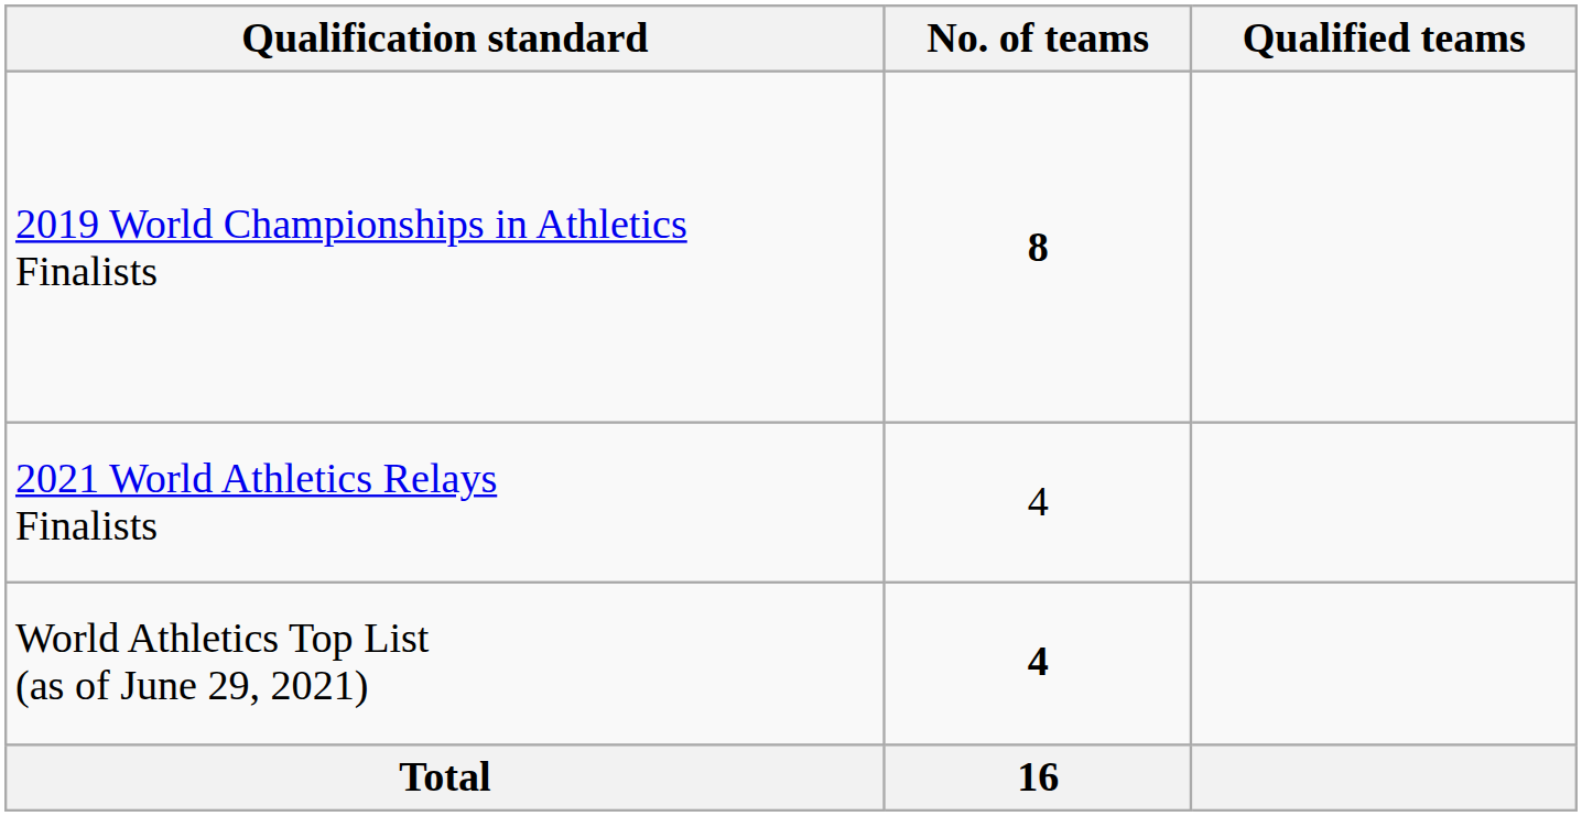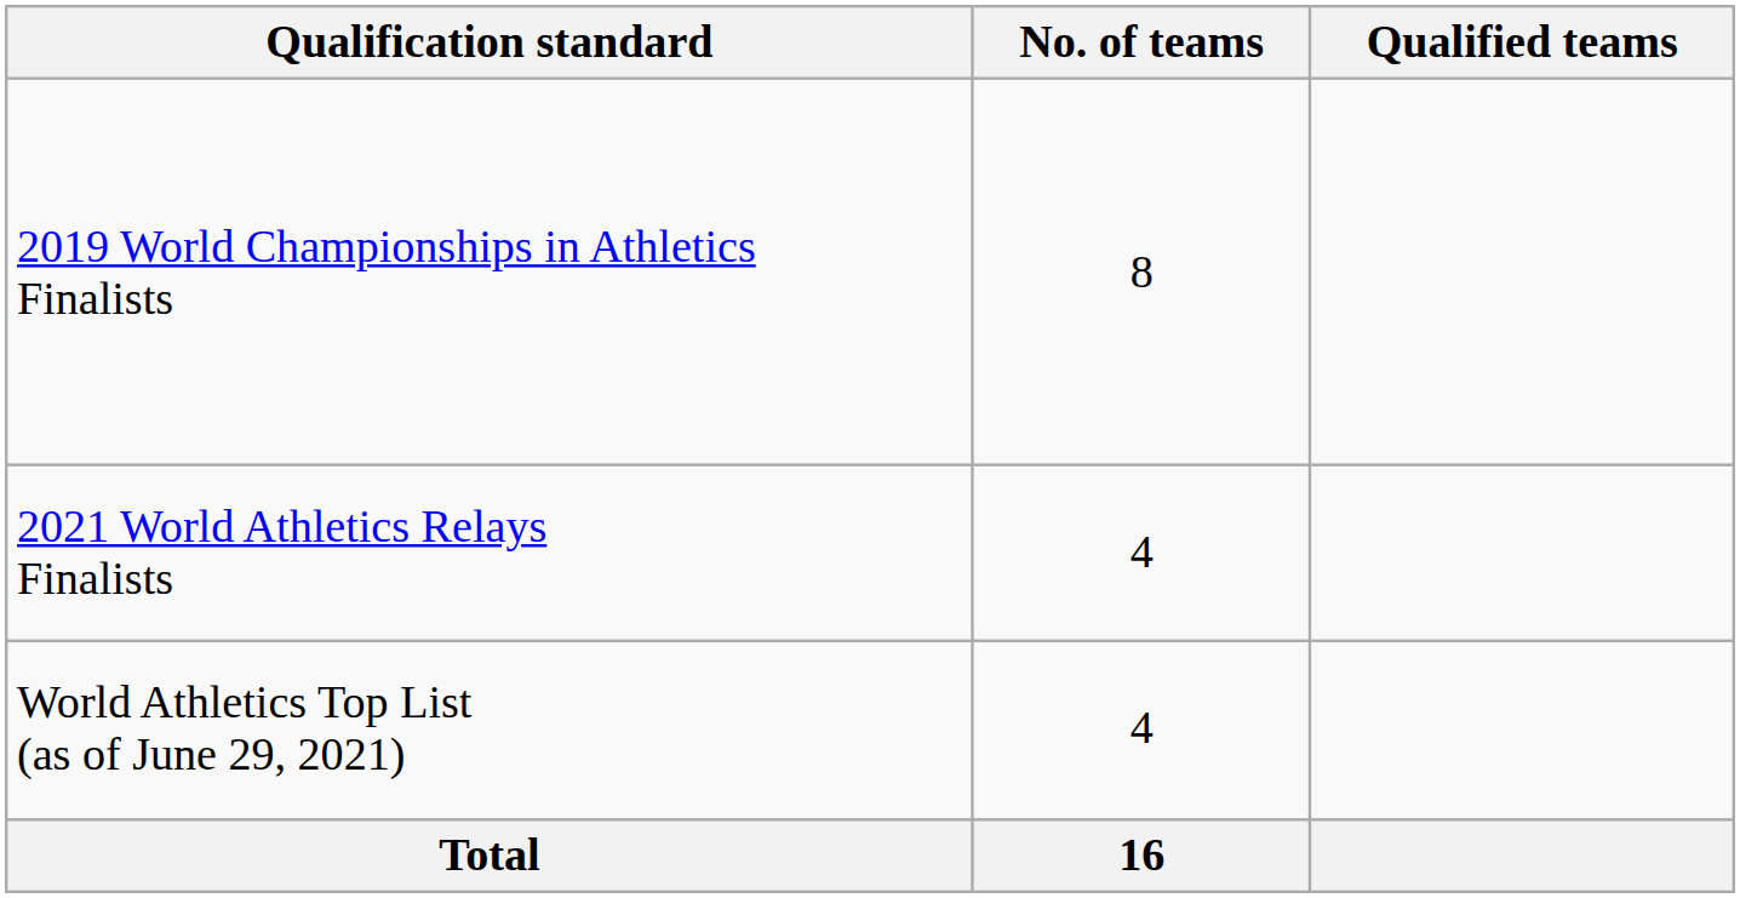 <table class="wikitable" style="text-align:left; width:600px;">
 <tr>
 <th>Qualification standard</th>
 <th>No. of teams</th>
 <th>Qualified teams</th>
 </tr>
 <tr>
 <td><a href='#'>2019 World Championships in Athletics</a><br>Finalists</td>
-<td align=center><strong>8</strong></td>
+<td align=center>8</td>
 <td><br><br><br><br><br><br><br></td>
 </tr>
 <tr>
 <td><a href='#'>2021 World Athletics Relays</a><br>Finalists</td>
 <td align=center>4</td>
 <td><br><br><br></td>
 </tr>
 <tr>
 <td>World Athletics Top List<br>(as of June 29, 2021)</td>
-<td align=center><strong>4</strong></td>
+<td align=center>4</td>
 <td><br><br><br></td>
 </tr>
 <tr>
 <th>Total</th>
 <th>16</th>
 <th colspan=2></th>
 </tr>
 </table>
